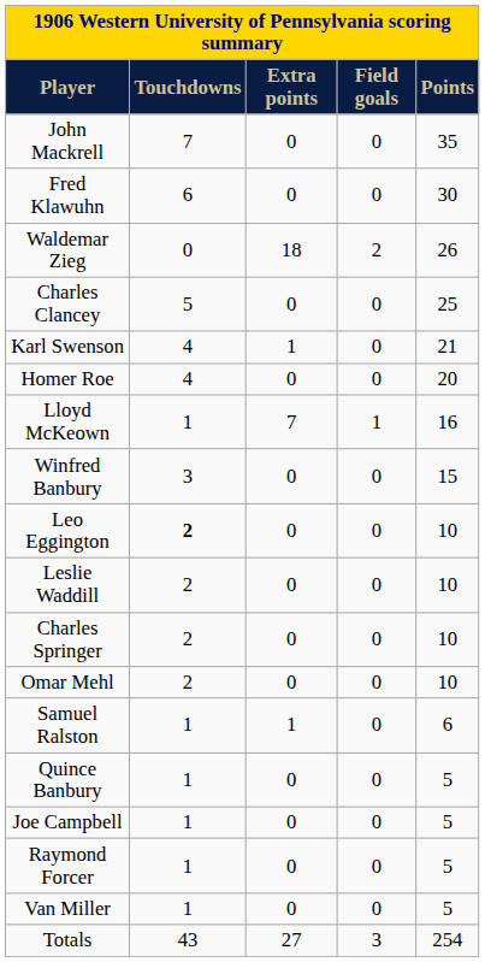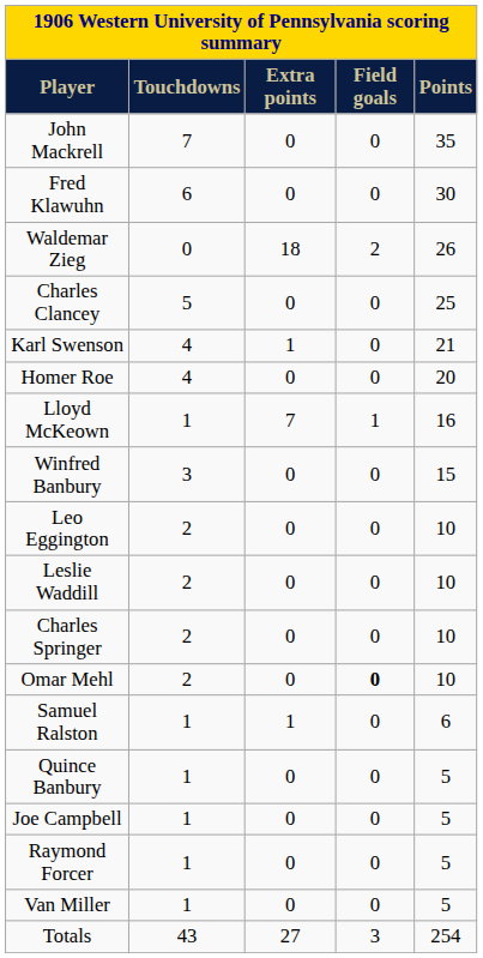 <table class="wikitable" width="30%">
 <tr>
 <th colspan="10" style="background:gold; color:darkblue; text-align: center;"><strong>1906 Western University of Pennsylvania scoring summary</strong></th>
 </tr>
 <tr align="center"  style="background:#091C44;color:#CEC499;">
 <td><strong>Player</strong></td>
 <td><strong>Touchdowns</strong></td>
 <td><strong>Extra points</strong></td>
 <td><strong>Field goals</strong></td>
 <td><strong>Points</strong></td>
 </tr>
 <tr align="center" bgcolor="">
 <td>John Mackrell</td>
 <td>7</td>
 <td>0</td>
 <td>0</td>
 <td>35</td>
 </tr>
 <tr align="center" bgcolor="">
 <td>Fred Klawuhn</td>
 <td>6</td>
 <td>0</td>
 <td>0</td>
 <td>30</td>
 </tr>
 <tr align="center" bgcolor="">
 <td>Waldemar Zieg</td>
 <td>0</td>
 <td>18</td>
 <td>2</td>
 <td>26</td>
 </tr>
 <tr align="center" bgcolor="">
 <td>Charles Clancey</td>
 <td>5</td>
 <td>0</td>
 <td>0</td>
 <td>25</td>
 </tr>
 <tr align="center" bgcolor="">
 <td>Karl Swenson</td>
 <td>4</td>
 <td>1</td>
 <td>0</td>
 <td>21</td>
 </tr>
 <tr align="center" bgcolor="">
 <td>Homer Roe</td>
 <td>4</td>
 <td>0</td>
 <td>0</td>
 <td>20</td>
 </tr>
 <tr align="center" bgcolor="">
 <td>Lloyd McKeown</td>
 <td>1</td>
 <td>7</td>
 <td>1</td>
 <td>16</td>
 </tr>
 <tr align="center" bgcolor="">
 <td>Winfred Banbury</td>
 <td>3</td>
 <td>0</td>
 <td>0</td>
 <td>15</td>
 </tr>
 <tr align="center" bgcolor="">
 <td>Leo Eggington</td>
-<td><strong>2</strong></td>
+<td>2</td>
 <td>0</td>
 <td>0</td>
 <td>10</td>
 </tr>
 <tr align="center" bgcolor="">
 <td>Leslie Waddill</td>
 <td>2</td>
 <td>0</td>
 <td>0</td>
 <td>10</td>
 </tr>
 <tr align="center" bgcolor="">
 <td>Charles Springer</td>
 <td>2</td>
 <td>0</td>
 <td>0</td>
 <td>10</td>
 </tr>
 <tr align="center" bgcolor="">
 <td>Omar Mehl</td>
 <td>2</td>
 <td>0</td>
-<td>0</td>
+<td><strong>0</strong></td>
 <td>10</td>
 </tr>
 <tr align="center" bgcolor="">
 <td>Samuel Ralston</td>
 <td>1</td>
 <td>1</td>
 <td>0</td>
 <td>6</td>
 </tr>
 <tr align="center" bgcolor="">
 <td>Quince Banbury</td>
 <td>1</td>
 <td>0</td>
 <td>0</td>
 <td>5</td>
 </tr>
 <tr align="center" bgcolor="">
 <td>Joe Campbell</td>
 <td>1</td>
 <td>0</td>
 <td>0</td>
 <td>5</td>
 </tr>
 <tr align="center" bgcolor="">
 <td>Raymond Forcer</td>
 <td>1</td>
 <td>0</td>
 <td>0</td>
 <td>5</td>
 </tr>
 <tr align="center" bgcolor="">
 <td>Van Miller</td>
 <td>1</td>
 <td>0</td>
 <td>0</td>
 <td>5</td>
 </tr>
 <tr align="center" bgcolor="">
 <td>Totals</td>
 <td>43</td>
 <td>27</td>
 <td>3</td>
 <td>254</td>
 </tr>
 <tr align="center" bgcolor="">
 </tr>
 </table>
